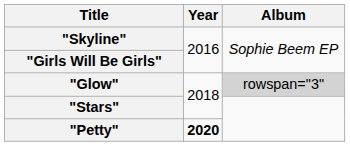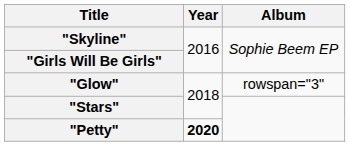 <table class="wikitable plainrowheaders" style="text-align:center">
 <tr>
 <th scope="col" style="width:12em;">Title</th>
 <th scope="col">Year</th>
 <th scope="col" style="width:8em;">Album</th>
 </tr>
 <tr>
 <th scope="row">"Skyline"</th>
 <td rowspan="2">2016</td>
 <td rowspan="2"><em>Sophie Beem EP</em></td>
 </tr>
 <tr>
 <th scope="row">"Girls Will Be Girls"</th>
 </tr>
 <tr>
 <th scope="row">"Glow"<br></th>
 <td rowspan="2">2018</td>
-<td style="background: lightgrey;">rowspan="3" </td>
+<td>rowspan="3" </td>
 </tr>
 <tr>
 <th scope="row">"Stars"</th>
 </tr>
 <tr>
 <th scope="row">"Petty"</th>
 <td rowspan="1"><strong>2020</strong></td>
 </tr>
 </table>
